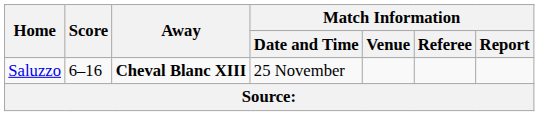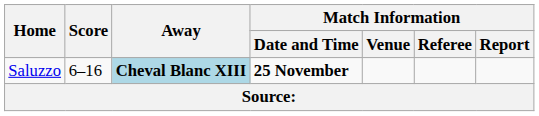 <table class="wikitable defaultcenter col1left col3left">
 <tr>
 <th scope="col" rowspan=2>Home</th>
 <th scope="col" rowspan=2>Score</th>
 <th scope="col" rowspan=2>Away</th>
 <th scope="col" colspan=4>Match Information</th>
 </tr>
 <tr>
 <th scope="col">Date and Time</th>
 <th scope="col">Venue</th>
 <th scope="col">Referee</th>
 <th scope="col">Report</th>
 </tr>
 <tr>
 <td><a href='#'>Saluzzo</a></td>
 <td>6–16</td>
-<td><strong>Cheval Blanc XIII</strong></td>
-<td>25 November</td>
+<td style="background: lightblue;"><strong>Cheval Blanc XIII</strong></td>
+<td><strong>25 November</strong></td>
 <td></td>
 <td></td>
 <td></td>
 </tr>
 <tr>
 <th colspan=7>Source:</th>
 </tr>
 </table>
